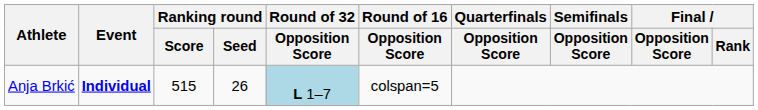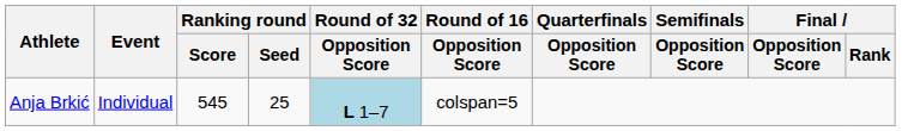 <table class="wikitable" style="font-size:90%">
 <tr>
 <th rowspan=2>Athlete</th>
 <th rowspan=2>Event</th>
 <th colspan=2>Ranking round</th>
 <th>Round of 32</th>
 <th>Round of 16</th>
 <th>Quarterfinals</th>
 <th>Semifinals</th>
 <th colspan=2>Final / </th>
 </tr>
 <tr style="font-size:95%">
 <th>Score</th>
 <th>Seed</th>
 <th>Opposition<br>Score</th>
 <th>Opposition<br>Score</th>
 <th>Opposition<br>Score</th>
 <th>Opposition<br>Score</th>
 <th>Opposition<br>Score</th>
 <th>Rank</th>
 </tr>
 <tr align=center>
 <td align=left><a href='#'>Anja Brkić</a></td>
-<td align=left><strong><a href='#'>Individual</a></strong></td>
-<td>515</td>
-<td>26</td>
+<td align=left><a href='#'>Individual</a></td>
+<td>545</td>
+<td>25</td>
 <td style="background: lightblue;"><br><strong>L</strong> 1–7</td>
 <td>colspan=5 </td>
 </tr>
 </table>
